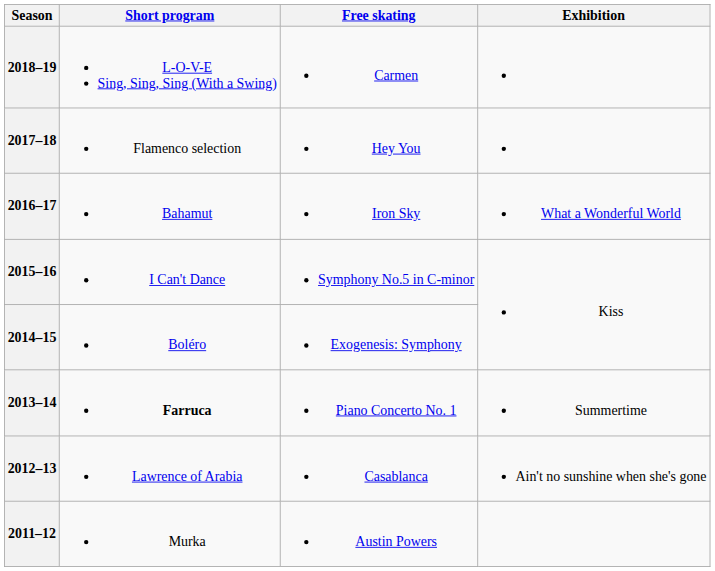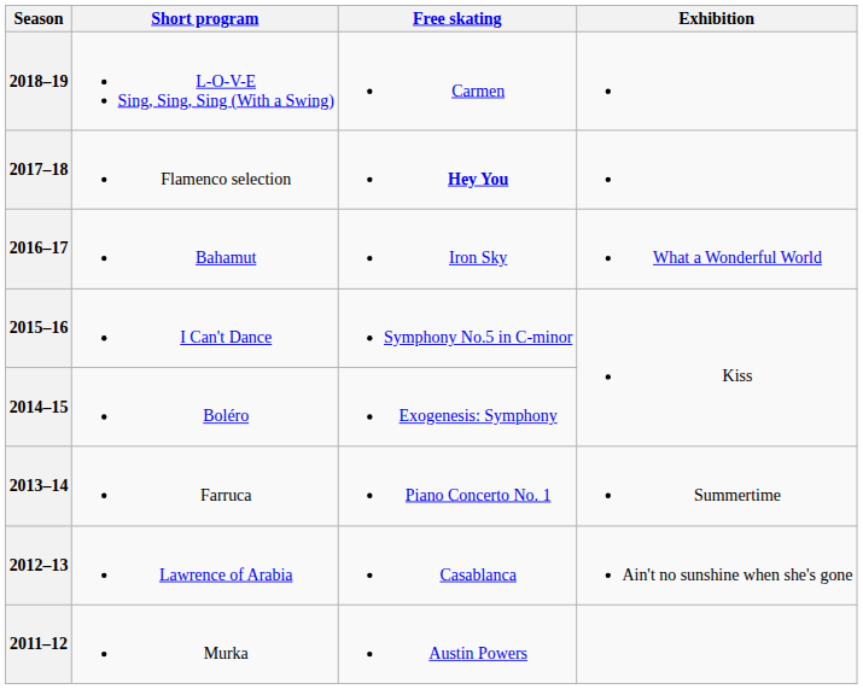 <table class=wikitable style=text-align:center>
 <tr>
 <th>Season</th>
 <th><a href='#'>Short program</a></th>
 <th><a href='#'>Free skating</a></th>
 <th>Exhibition</th>
 </tr>
 <tr>
 <th>2018–19 <br></th>
 <td><br><ul><li><a href='#'>L-O-V-E</a> <br> </li><li><a href='#'>Sing, Sing, Sing (With a Swing)</a> <br> </li></ul></td>
 <td><br><ul><li><a href='#'>Carmen</a> <br> </li></ul></td>
 <td><br><ul><li></li></ul></td>
 </tr>
 <tr>
 <th>2017–18 <br></th>
 <td><br><ul><li>Flamenco selection</li></ul></td>
-<td><br><ul><li><a href='#'>Hey You</a> <br></li></ul></td>
+<td><strong><br><ul><li><a href='#'>Hey You</a> <br></li></ul></strong></td>
 <td><br><ul><li></li></ul></td>
 </tr>
 <tr>
 <th>2016–17 <br></th>
 <td><br><ul><li><a href='#'>Bahamut</a> <br></li></ul></td>
 <td><br><ul><li><a href='#'>Iron Sky</a> <br></li></ul></td>
 <td><br><ul><li><a href='#'>What a Wonderful World</a> <br></li></ul></td>
 </tr>
 <tr>
 <th>2015–16 <br></th>
 <td><br><ul><li><a href='#'>I Can't Dance</a> <br></li></ul></td>
 <td><br><ul><li><a href='#'>Symphony No.5 in C-minor</a> <br></li></ul></td>
 <td rowspan=2><br><ul><li>Kiss <br></li></ul></td>
 </tr>
 <tr>
 <th>2014–15 <br></th>
 <td><br><ul><li><a href='#'>Boléro</a> <br></li></ul></td>
 <td><br><ul><li><a href='#'>Exogenesis: Symphony</a> <br></li></ul></td>
 </tr>
 <tr>
 <th>2013–14 <br></th>
-<td><strong><br><ul><li>Farruca <br></li></ul></strong></td>
+<td><br><ul><li>Farruca <br></li></ul></td>
 <td><br><ul><li><a href='#'>Piano Concerto No. 1</a> <br></li></ul></td>
 <td><br><ul><li>Summertime</li></ul></td>
 </tr>
 <tr>
 <th>2012–13 <br></th>
 <td><br><ul><li><a href='#'>Lawrence of Arabia</a> <br></li></ul></td>
 <td><br><ul><li><a href='#'>Casablanca</a> <br></li></ul></td>
 <td><br><ul><li>Ain't no sunshine when she's gone</li></ul></td>
 </tr>
 <tr>
 <th>2011–12 <br></th>
 <td><br><ul><li>Murka <br></li></ul></td>
 <td><br><ul><li><a href='#'>Austin Powers</a> <br></li></ul></td>
 <td></td>
 </tr>
 </table>
